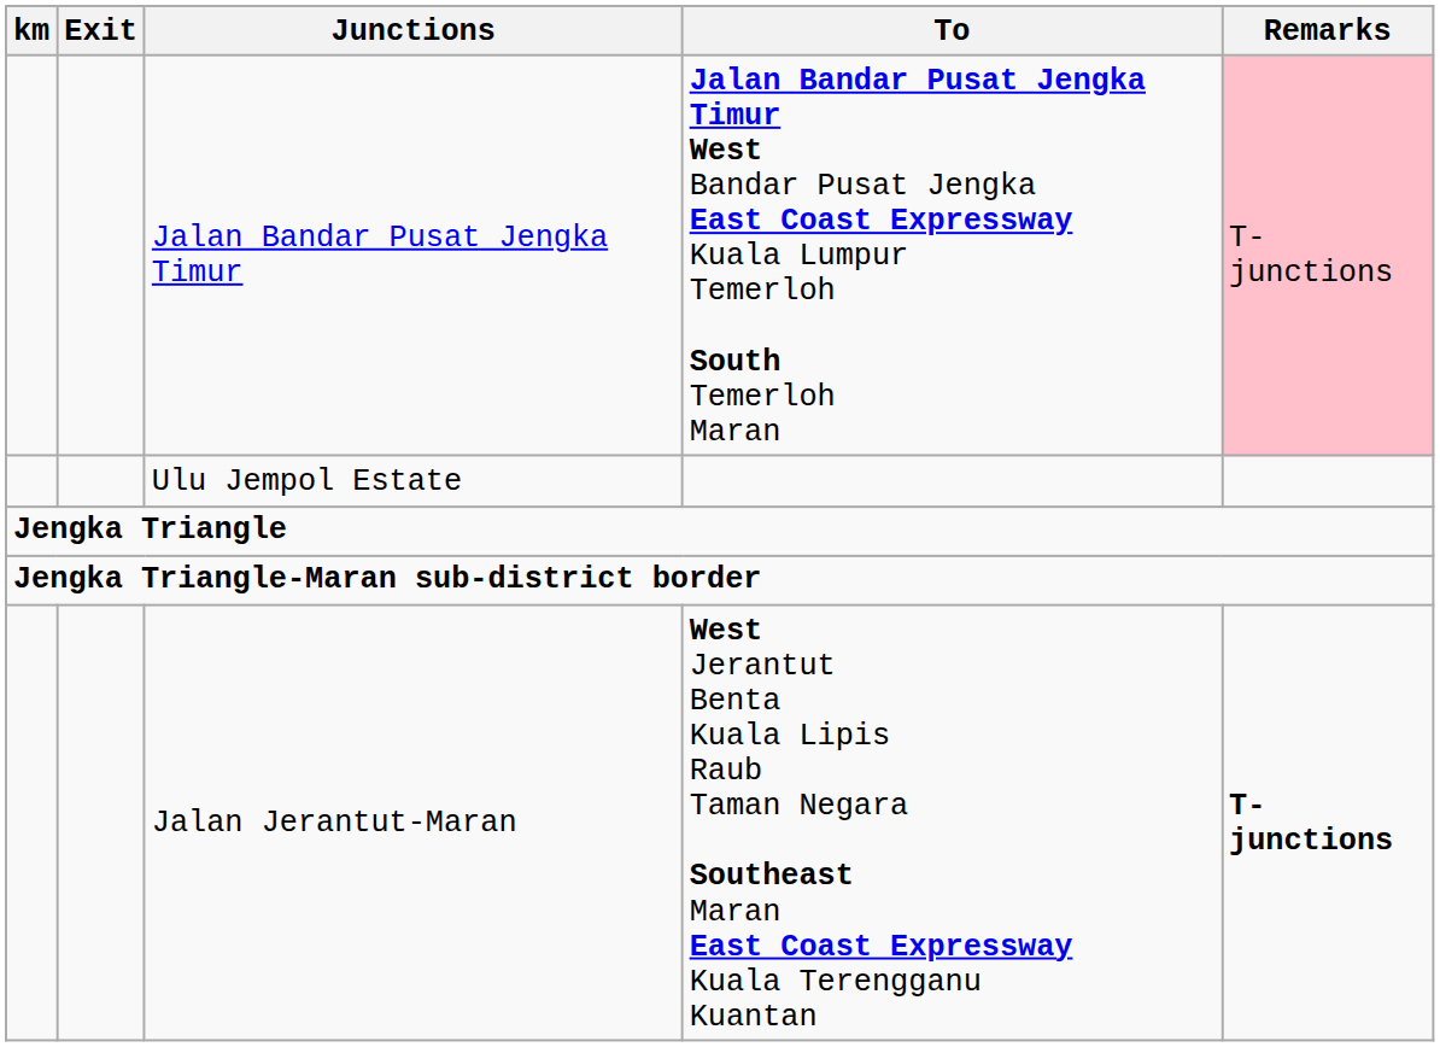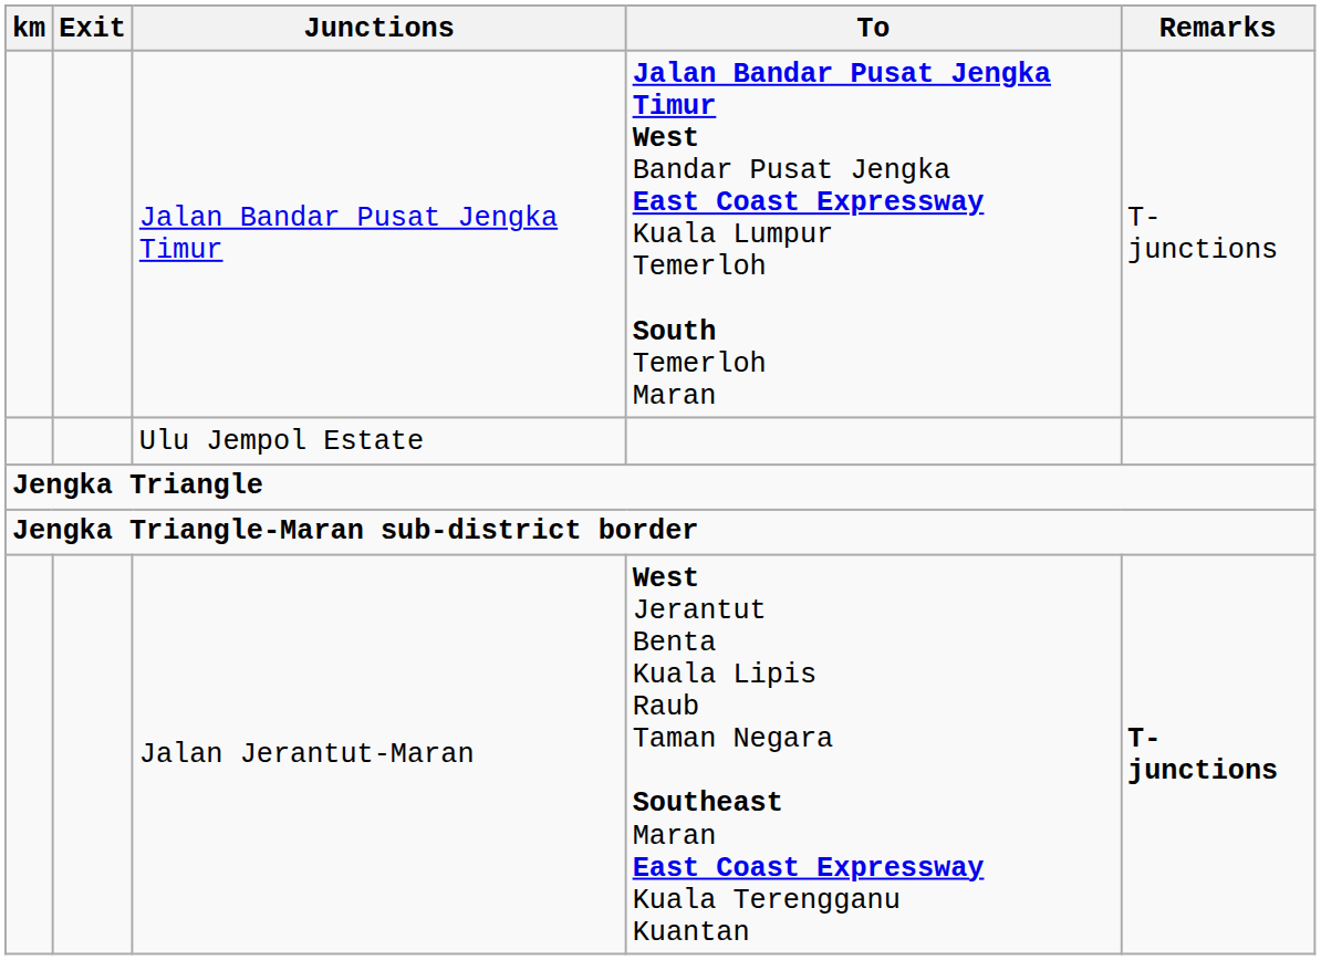 <table class="wikitable">
 <tr>
 <th>km</th>
 <th>Exit</th>
 <th>Junctions</th>
 <th>To</th>
 <th>Remarks</th>
 </tr>
 <tr>
 <td></td>
 <td></td>
 <td><a href='#'>Jalan Bandar Pusat Jengka Timur</a></td>
 <td> <strong><a href='#'>Jalan Bandar Pusat Jengka Timur</a></strong><br><strong>West</strong><br>Bandar Pusat Jengka<br> <strong><a href='#'>East Coast Expressway</a></strong><br>Kuala Lumpur<br>Temerloh<br><br><strong>South</strong><br>Temerloh<br>Maran</td>
-<td style="background: pink;">T-junctions</td>
+<td>T-junctions</td>
 </tr>
 <tr>
 <td></td>
 <td></td>
 <td>Ulu Jempol Estate</td>
 <td></td>
 <td></td>
 </tr>
 <tr>
 <td style="width:600px" colspan="6" style="text-align:center; background:white;"><strong><span>Jengka Triangle</span></strong></td>
 </tr>
 <tr>
 <td style="width:600px" colspan="6" style="text-align:center; background:maroon;"><strong><span>Jengka Triangle-Maran sub-district border</span></strong></td>
 </tr>
 <tr>
 <td></td>
 <td></td>
 <td>Jalan Jerantut-Maran</td>
 <td><strong>West</strong><br> Jerantut<br> Benta<br> Kuala Lipis<br> Raub<br> Taman Negara<br><br><strong>Southeast</strong><br> Maran<br> <strong><a href='#'>East Coast Expressway</a></strong><br>Kuala Terengganu<br>Kuantan</td>
 <td><strong>T-junctions</strong></td>
 </tr>
 </table>
